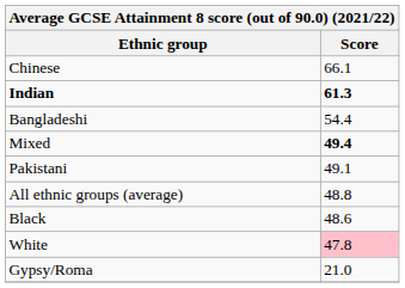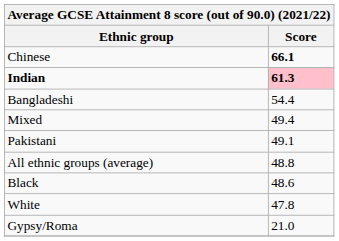 <table class="wikitable sortable">
 <tr>
 <th colspan="3">Average GCSE Attainment 8 score (out of 90.0) (2021/22)</th>
 </tr>
 <tr>
 <th>Ethnic group</th>
 <th>Score</th>
 </tr>
 <tr>
 <td>Chinese</td>
-<td>66.1</td>
+<td><strong>66.1</strong></td>
 </tr>
 <tr>
 <td><strong>Indian</strong></td>
-<td><strong>61.3</strong></td>
+<td style="background: pink;"><strong>61.3</strong></td>
 </tr>
 <tr>
 <td>Bangladeshi</td>
 <td>54.4</td>
 </tr>
 <tr>
 <td>Mixed</td>
-<td><strong>49.4</strong></td>
+<td>49.4</td>
 </tr>
 <tr>
 <td>Pakistani</td>
 <td>49.1</td>
 </tr>
 <tr>
 <td>All ethnic groups (average)</td>
 <td>48.8</td>
 </tr>
 <tr>
 <td>Black</td>
 <td>48.6</td>
 </tr>
 <tr>
 <td>White</td>
-<td style="background: pink;">47.8</td>
+<td>47.8</td>
 </tr>
 <tr>
 <td>Gypsy/Roma</td>
 <td>21.0</td>
 </tr>
 <tr>
 </tr>
 </table>
